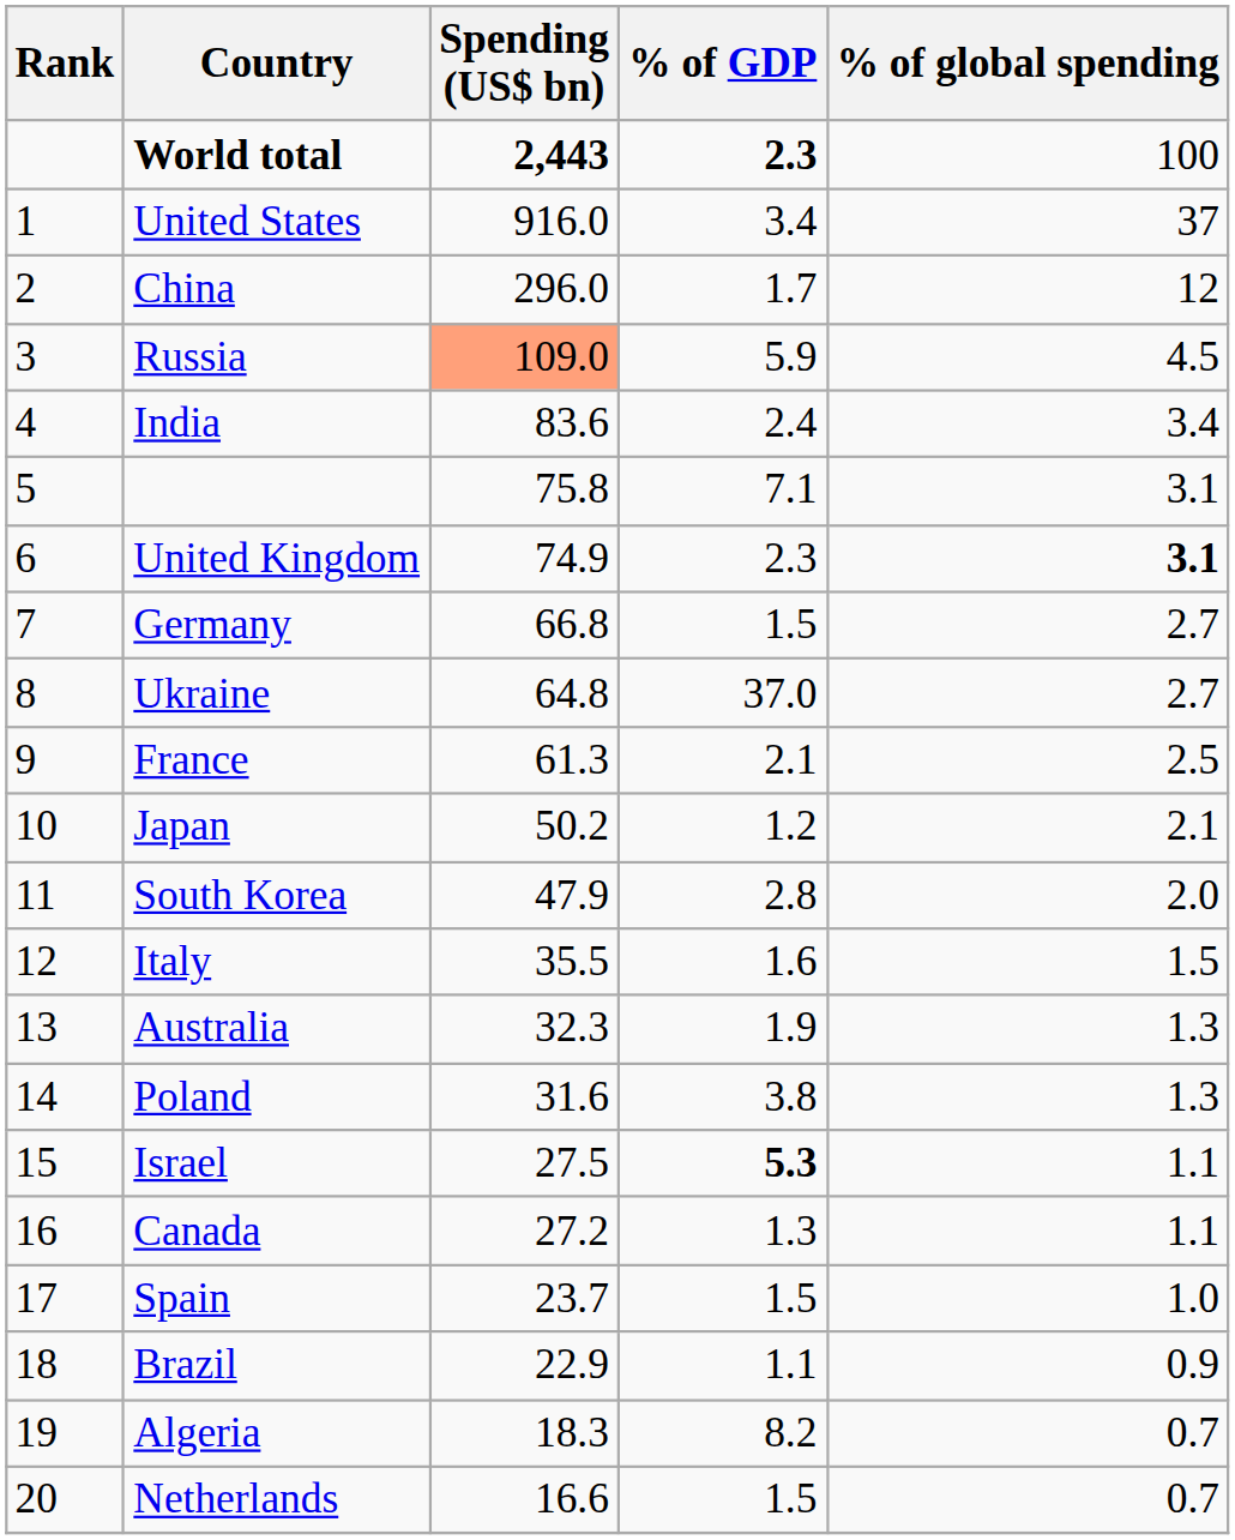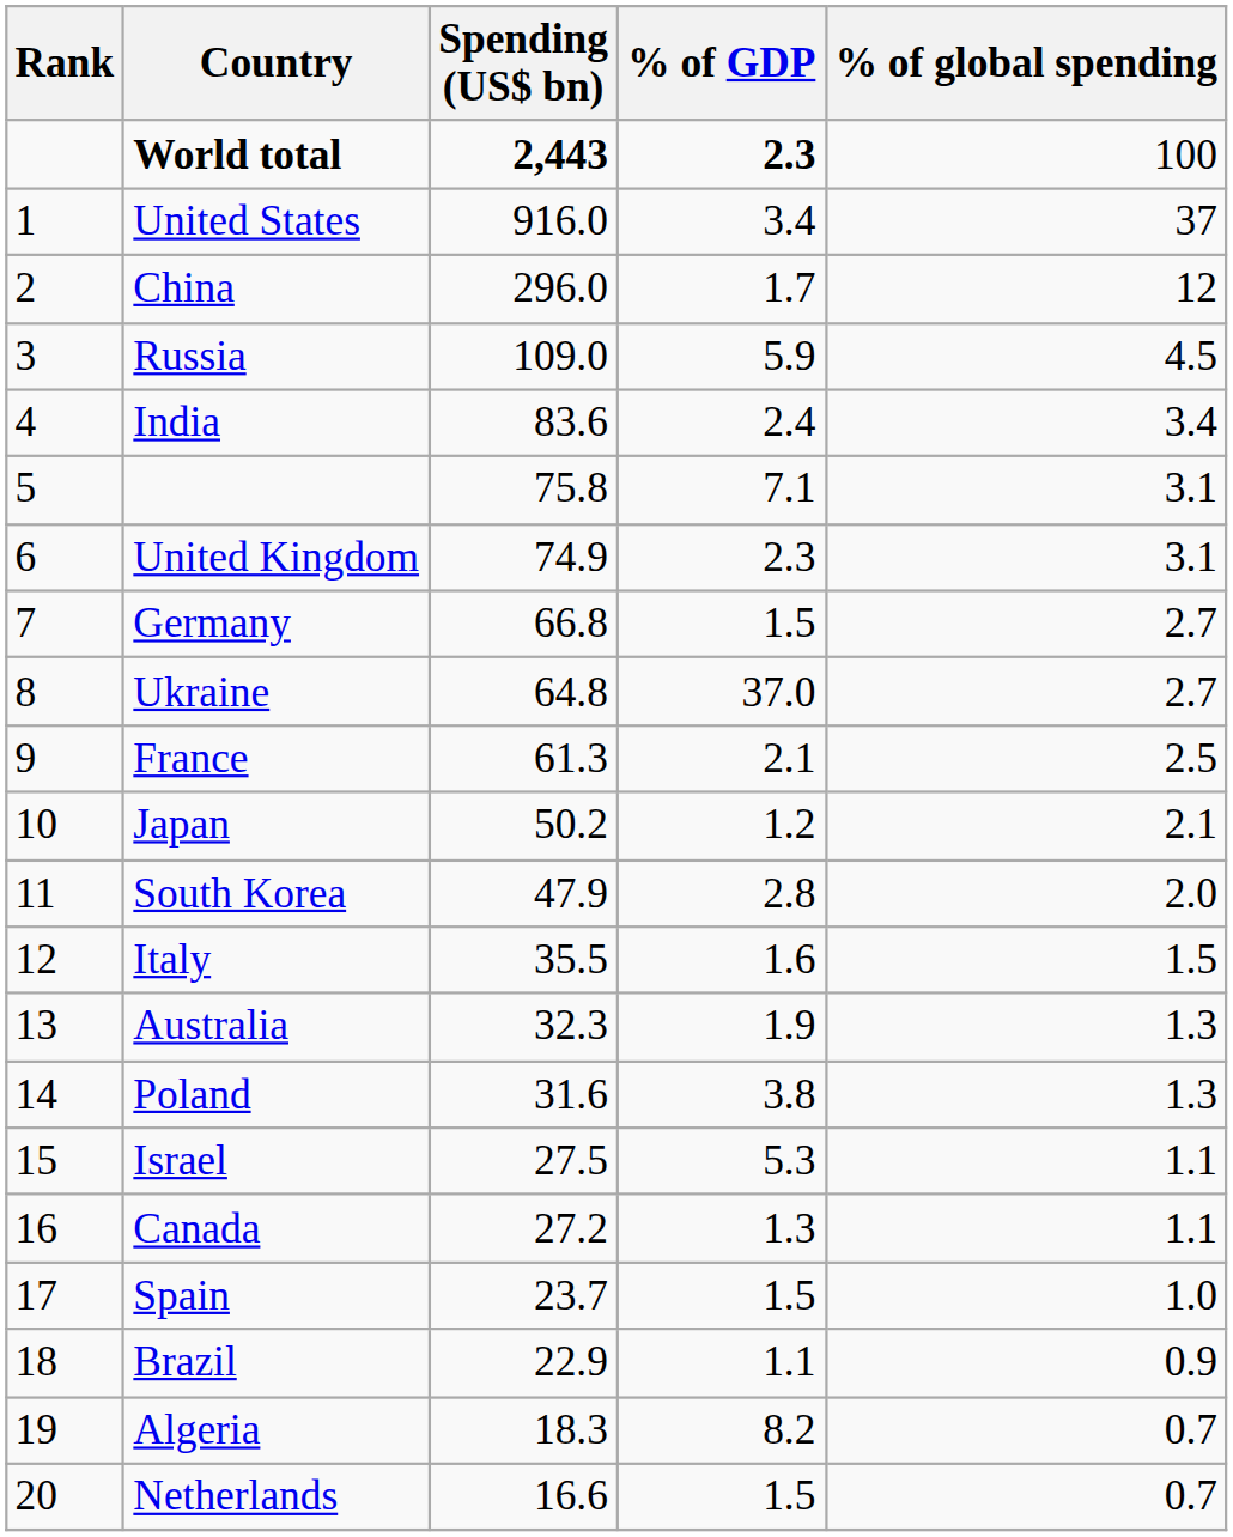 <table class="wikitable sortable sticky-header" style="margin-left:auto;margin-right:auto">
 <tr style="background:#ececec;">
 <th>Rank</th>
 <th>Country</th>
 <th>Spending <br> (US$ bn)</th>
 <th>% of <a href='#'>GDP</a></th>
 <th>% of global spending</th>
 </tr>
 <tr>
 <td></td>
 <td><strong>World total </strong></td>
 <td align=right><strong>2,443</strong></td>
 <td align=right><strong>2.3</strong></td>
 <td align=right>100</td>
 </tr>
 <tr>
 <td>1</td>
 <td><a href='#'>United States</a></td>
 <td align=right>916.0</td>
 <td align="right">3.4</td>
 <td align="right">37</td>
 </tr>
 <tr>
 <td>2</td>
 <td><a href='#'>China</a></td>
 <td align=right>296.0</td>
 <td align="right">1.7</td>
 <td align="right">12</td>
 </tr>
 <tr>
 <td>3</td>
 <td><a href='#'>Russia</a></td>
-<td align="right" style="background: lightsalmon;">109.0</td>
+<td align="right">109.0</td>
 <td align="right">5.9</td>
 <td align="right">4.5</td>
 </tr>
 <tr>
 <td>4</td>
 <td><a href='#'>India</a></td>
 <td align="right">83.6</td>
 <td align="right">2.4</td>
 <td align="right">3.4</td>
 </tr>
 <tr>
 <td>5</td>
 <td></td>
 <td align="right">75.8</td>
 <td align="right">7.1</td>
 <td align="right">3.1</td>
 </tr>
 <tr>
 <td>6</td>
 <td><a href='#'>United Kingdom</a></td>
 <td align="right">74.9</td>
 <td align="right">2.3</td>
-<td align="right"><strong>3.1</strong></td>
+<td align="right">3.1</td>
 </tr>
 <tr>
 <td>7</td>
 <td><a href='#'>Germany</a></td>
 <td align=right>66.8</td>
 <td align="right">1.5</td>
 <td align="right">2.7</td>
 </tr>
 <tr>
 <td>8</td>
 <td><a href='#'>Ukraine</a></td>
 <td align="right">64.8</td>
 <td align="right">37.0</td>
 <td align="right">2.7</td>
 </tr>
 <tr>
 <td>9</td>
 <td><a href='#'>France</a></td>
 <td align="right">61.3</td>
 <td align="right">2.1</td>
 <td align="right">2.5</td>
 </tr>
 <tr>
 <td>10</td>
 <td><a href='#'>Japan</a></td>
 <td align="right">50.2</td>
 <td align="right">1.2</td>
 <td align="right">2.1</td>
 </tr>
 <tr>
 <td>11</td>
 <td><a href='#'>South Korea</a></td>
 <td align="right">47.9</td>
 <td align="right">2.8</td>
 <td align="right">2.0</td>
 </tr>
 <tr>
 <td>12</td>
 <td><a href='#'>Italy</a></td>
 <td align="right">35.5</td>
 <td align="right">1.6</td>
 <td align="right">1.5</td>
 </tr>
 <tr>
 <td>13</td>
 <td><a href='#'>Australia</a></td>
 <td align="right">32.3</td>
 <td align="right">1.9</td>
 <td align="right">1.3</td>
 </tr>
 <tr>
 <td>14</td>
 <td><a href='#'>Poland</a></td>
 <td align="right">31.6</td>
 <td align="right">3.8</td>
 <td align="right">1.3</td>
 </tr>
 <tr>
 <td>15</td>
 <td><a href='#'>Israel</a></td>
 <td align="right">27.5</td>
-<td align="right"><strong>5.3</strong></td>
+<td align="right">5.3</td>
 <td align="right">1.1</td>
 </tr>
 <tr>
 <td>16</td>
 <td><a href='#'>Canada</a></td>
 <td align="right">27.2</td>
 <td align="right">1.3</td>
 <td align="right">1.1</td>
 </tr>
 <tr>
 <td>17</td>
 <td><a href='#'>Spain</a></td>
 <td align="right">23.7</td>
 <td align="right">1.5</td>
 <td align="right">1.0</td>
 </tr>
 <tr>
 <td>18</td>
 <td><a href='#'>Brazil</a></td>
 <td align="right">22.9</td>
 <td align="right">1.1</td>
 <td align="right">0.9</td>
 </tr>
 <tr>
 <td>19</td>
 <td><a href='#'>Algeria</a></td>
 <td align= "right">18.3</td>
 <td align= "right">8.2</td>
 <td align= "right">0.7</td>
 </tr>
 <tr>
 <td>20</td>
 <td><a href='#'>Netherlands</a></td>
 <td align="right">16.6</td>
 <td align="right">1.5</td>
 <td align="right">0.7</td>
 </tr>
 <tr>
 </tr>
 </table>
